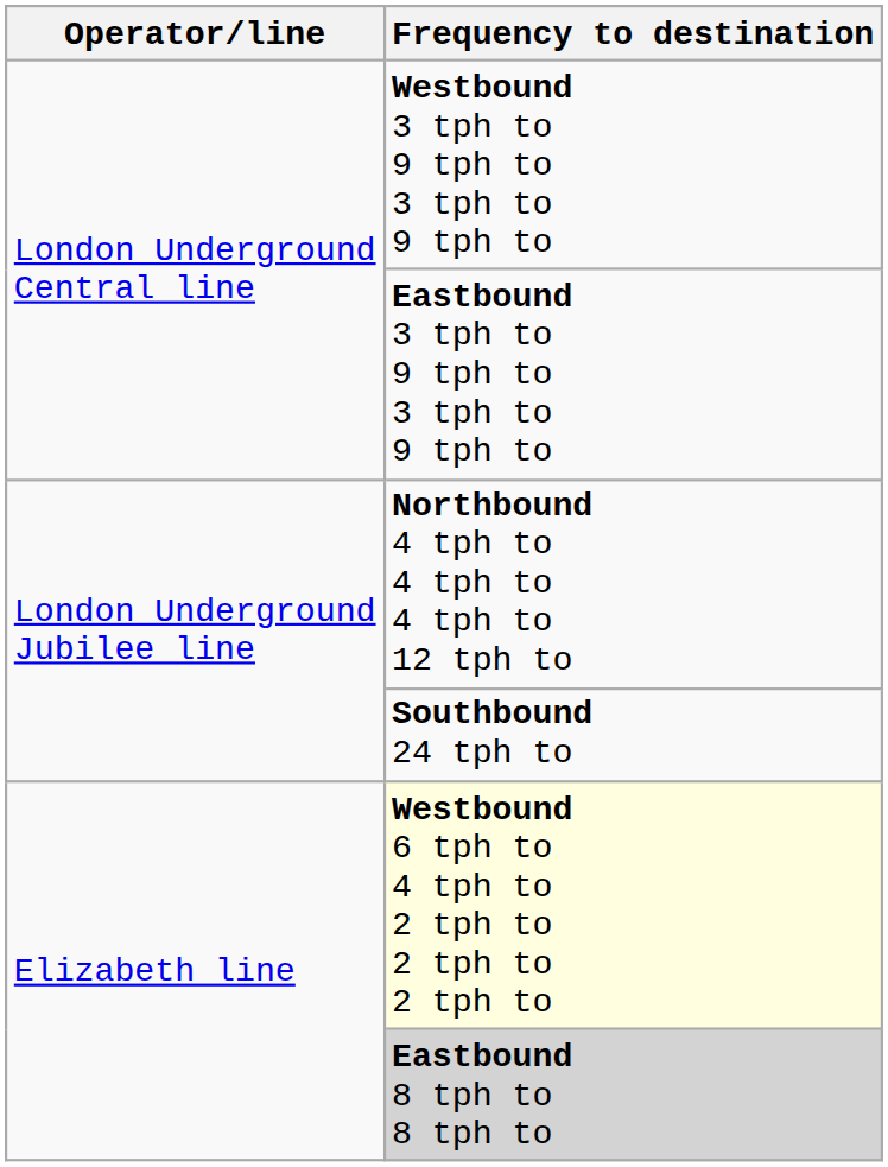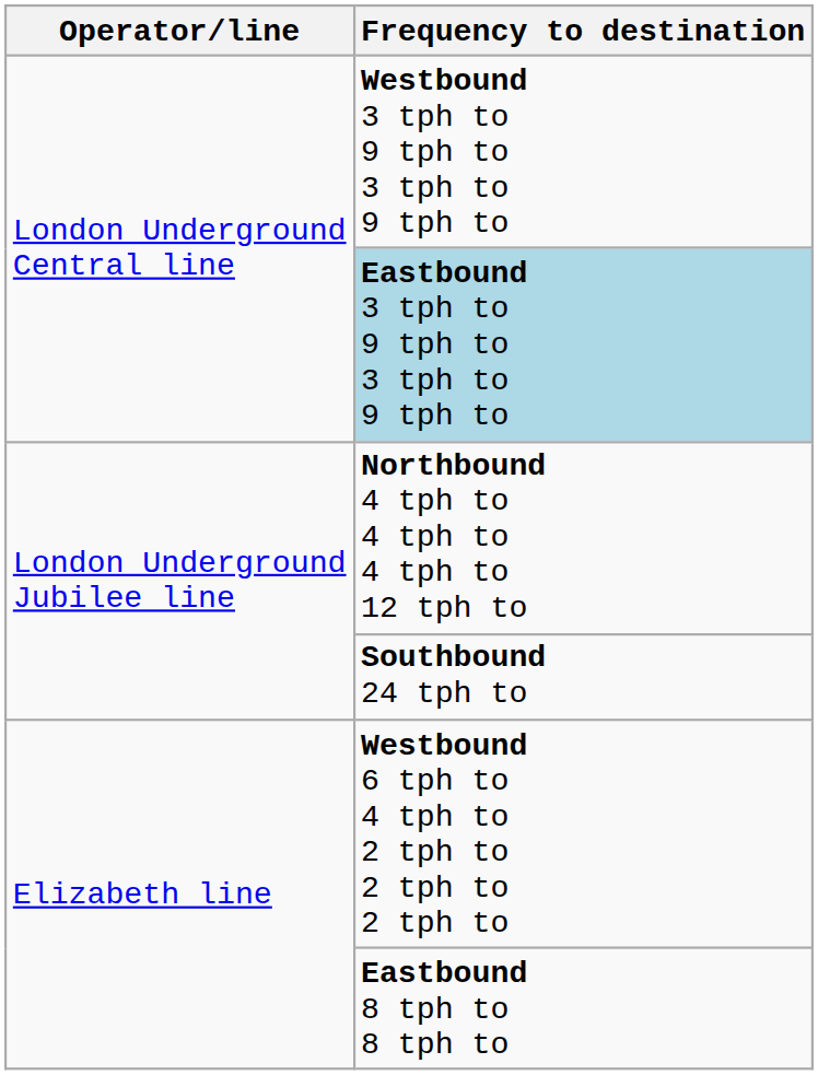 <table class="wikitable">
 <tr>
 <th>Operator/line</th>
 <th>Frequency to destination</th>
 </tr>
 <tr>
 <td rowspan=2><a href='#'>London Underground</a> <br> <a href='#'>Central line</a></td>
 <td><strong>Westbound</strong> <br> 3 tph to  <br> 9 tph to  <br> 3 tph to  <br> 9 tph to </td>
 </tr>
 <tr>
-<td><strong>Eastbound</strong> <br> 3 tph to  <br> 9 tph to  <br> 3 tph to  <br> 9 tph to </td>
+<td style="background: lightblue;"><strong>Eastbound</strong> <br> 3 tph to  <br> 9 tph to  <br> 3 tph to  <br> 9 tph to </td>
 </tr>
 <tr>
 <td rowspan=2><a href='#'>London Underground</a> <br> <a href='#'>Jubilee line</a></td>
 <td><strong>Northbound</strong> <br> 4 tph to  <br> 4 tph to  <br> 4 tph to  <br> 12 tph to </td>
 </tr>
 <tr>
 <td><strong>Southbound</strong> <br> 24 tph to </td>
 </tr>
 <tr>
 <td rowspan=2><a href='#'>Elizabeth line</a></td>
-<td style="background: lightyellow;"><strong>Westbound</strong> <br> 6 tph to  <br> 4 tph to  <br> 2 tph to  <br> 2 tph to  <br> 2 tph to </td>
+<td><strong>Westbound</strong> <br> 6 tph to  <br> 4 tph to  <br> 2 tph to  <br> 2 tph to  <br> 2 tph to </td>
 </tr>
 <tr>
-<td style="background: lightgrey;"><strong>Eastbound</strong> <br> 8 tph to  <br> 8 tph to </td>
+<td><strong>Eastbound</strong> <br> 8 tph to  <br> 8 tph to </td>
 </tr>
 </table>
